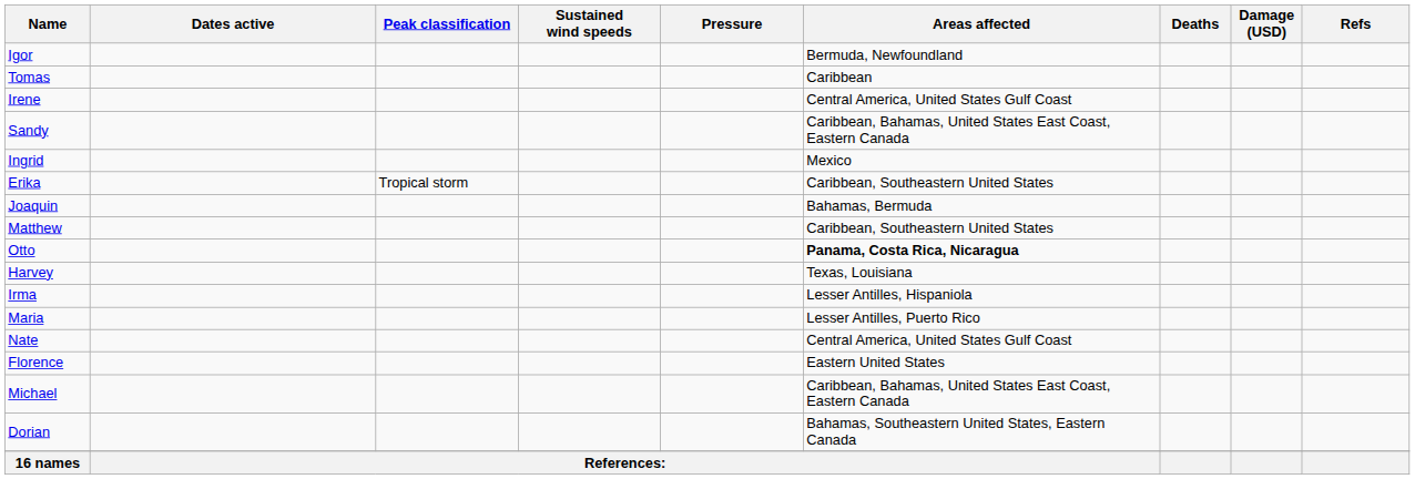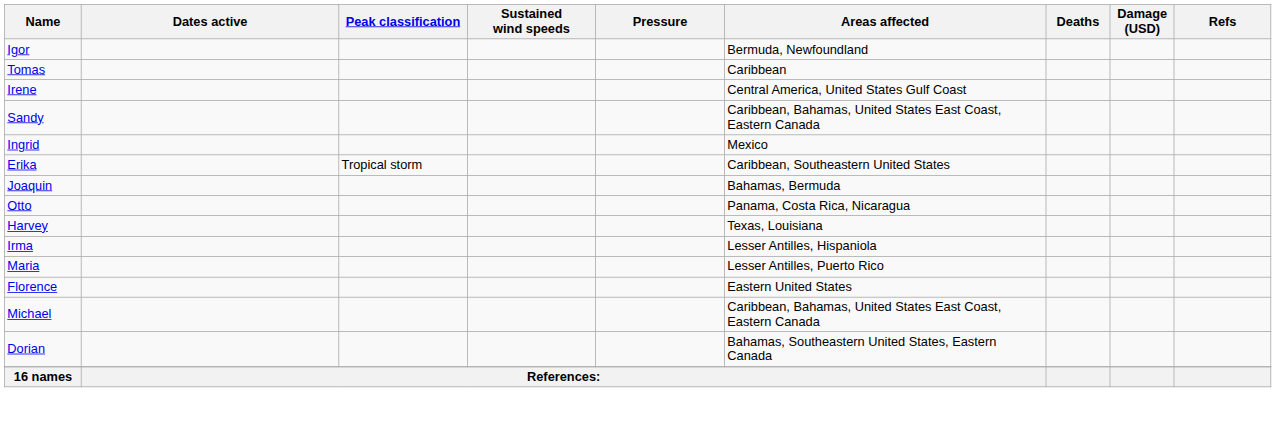 <table class="wikitable sortable" width="100%">
 <tr>
 <th scope="col" width="6%">Name</th>
 <th scope="col" width="20%">Dates active</th>
 <th scope="col" width="10%"><a href='#'>Peak classification</a></th>
 <th scope="col" width="10%">Sustained<br>wind speeds</th>
 <th scope="col" width="10%">Pressure</th>
 <th scope="col" width="25%" class="unsortable">Areas affected</th>
 <th scope="col" width="5%">Deaths</th>
 <th scope="col" width="5%">Damage<br>(USD)</th>
 <th scope="col" width="7.5%" class="unsortable">Refs</th>
 </tr>
 <tr>
 <td><a href='#'>Igor</a></td>
 <td></td>
 <td></td>
 <td></td>
 <td></td>
 <td>Bermuda, Newfoundland</td>
 <td></td>
 <td></td>
 <td></td>
 </tr>
 <tr>
 <td><a href='#'>Tomas</a></td>
 <td></td>
 <td></td>
 <td></td>
 <td></td>
 <td>Caribbean</td>
 <td></td>
 <td></td>
 <td></td>
 </tr>
 <tr>
 <td><a href='#'>Irene</a></td>
 <td></td>
 <td></td>
 <td></td>
 <td></td>
 <td>Central America, United States Gulf Coast</td>
 <td></td>
 <td></td>
 <td></td>
 </tr>
 <tr>
 <td><a href='#'>Sandy</a></td>
 <td></td>
 <td></td>
 <td></td>
 <td></td>
 <td>Caribbean, Bahamas, United States East Coast, Eastern Canada</td>
 <td></td>
 <td></td>
 <td></td>
 </tr>
 <tr>
 <td><a href='#'>Ingrid</a></td>
 <td></td>
 <td></td>
 <td></td>
 <td></td>
 <td>Mexico</td>
 <td></td>
 <td></td>
 <td></td>
 </tr>
 <tr>
 <td><a href='#'>Erika</a></td>
 <td></td>
 <td>Tropical storm</td>
 <td></td>
 <td></td>
 <td>Caribbean, Southeastern United States</td>
 <td></td>
 <td></td>
 <td></td>
 </tr>
 <tr>
 <td><a href='#'>Joaquin</a></td>
 <td></td>
 <td></td>
 <td></td>
 <td></td>
 <td>Bahamas, Bermuda</td>
 <td></td>
 <td></td>
 <td></td>
 </tr>
 <tr>
-<td><a href='#'>Matthew</a></td>
-<td></td>
-<td></td>
-<td></td>
-<td></td>
-<td>Caribbean, Southeastern United States</td>
-<td></td>
-<td></td>
-<td></td>
-</tr>
-<tr>
 <td><a href='#'>Otto</a></td>
 <td></td>
 <td></td>
 <td></td>
 <td></td>
-<td><strong>Panama, Costa Rica, Nicaragua</strong></td>
+<td>Panama, Costa Rica, Nicaragua</td>
 <td></td>
 <td></td>
 <td></td>
 </tr>
 <tr>
 <td><a href='#'>Harvey</a></td>
 <td></td>
 <td></td>
 <td></td>
 <td></td>
 <td>Texas, Louisiana</td>
 <td></td>
 <td></td>
 <td></td>
 </tr>
 <tr>
 <td><a href='#'>Irma</a></td>
 <td></td>
 <td></td>
 <td></td>
 <td></td>
 <td>Lesser Antilles, Hispaniola</td>
 <td></td>
 <td></td>
 <td></td>
 </tr>
 <tr>
 <td><a href='#'>Maria</a></td>
 <td></td>
 <td></td>
 <td></td>
 <td></td>
 <td>Lesser Antilles, Puerto Rico</td>
-<td></td>
-<td></td>
-<td></td>
-</tr>
-<tr>
-<td><a href='#'>Nate</a></td>
-<td></td>
-<td></td>
-<td></td>
-<td></td>
-<td>Central America, United States Gulf Coast</td>
 <td></td>
 <td></td>
 <td></td>
 </tr>
 <tr>
 <td><a href='#'>Florence</a></td>
 <td></td>
 <td></td>
 <td></td>
 <td></td>
 <td>Eastern United States</td>
 <td></td>
 <td></td>
 <td></td>
 </tr>
 <tr>
 <td><a href='#'>Michael</a></td>
 <td></td>
 <td></td>
 <td></td>
 <td></td>
 <td>Caribbean, Bahamas, United States East Coast, Eastern Canada</td>
 <td></td>
 <td></td>
 <td></td>
 </tr>
 <tr>
 <td><a href='#'>Dorian</a></td>
 <td></td>
 <td></td>
 <td></td>
 <td></td>
 <td>Bahamas, Southeastern United States, Eastern Canada</td>
 <td></td>
 <td></td>
 <td></td>
 </tr>
 <tr>
 </tr>
 <tr class="sortbottom">
 <th>16 names</th>
 <th colspan=5>References:</th>
 <th></th>
 <th></th>
 <th></th>
 </tr>
 </table>
